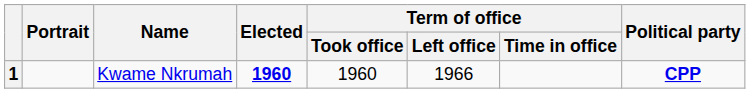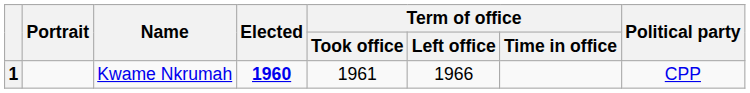 <table class="wikitable" style="text-align:center">
 <tr>
 <th rowspan="2"></th>
 <th rowspan="2">Portrait</th>
 <th rowspan="2">Name<br></th>
 <th rowspan="2">Elected</th>
 <th colspan="3">Term of office</th>
 <th rowspan="2">Political party</th>
 </tr>
 <tr>
 <th>Took office</th>
 <th>Left office</th>
 <th>Time in office</th>
 </tr>
 <tr>
 <th style="background:">1</th>
 <td></td>
 <td><a href='#'>Kwame Nkrumah</a><br></td>
 <td><strong><a href='#'>1960</a><br></strong></td>
-<td> 1960</td>
+<td> 1961</td>
 <td> 1966<br></td>
 <td></td>
-<td><strong><a href='#'>CPP</a></strong></td>
+<td><a href='#'>CPP</a></td>
 </tr>
 </table>
